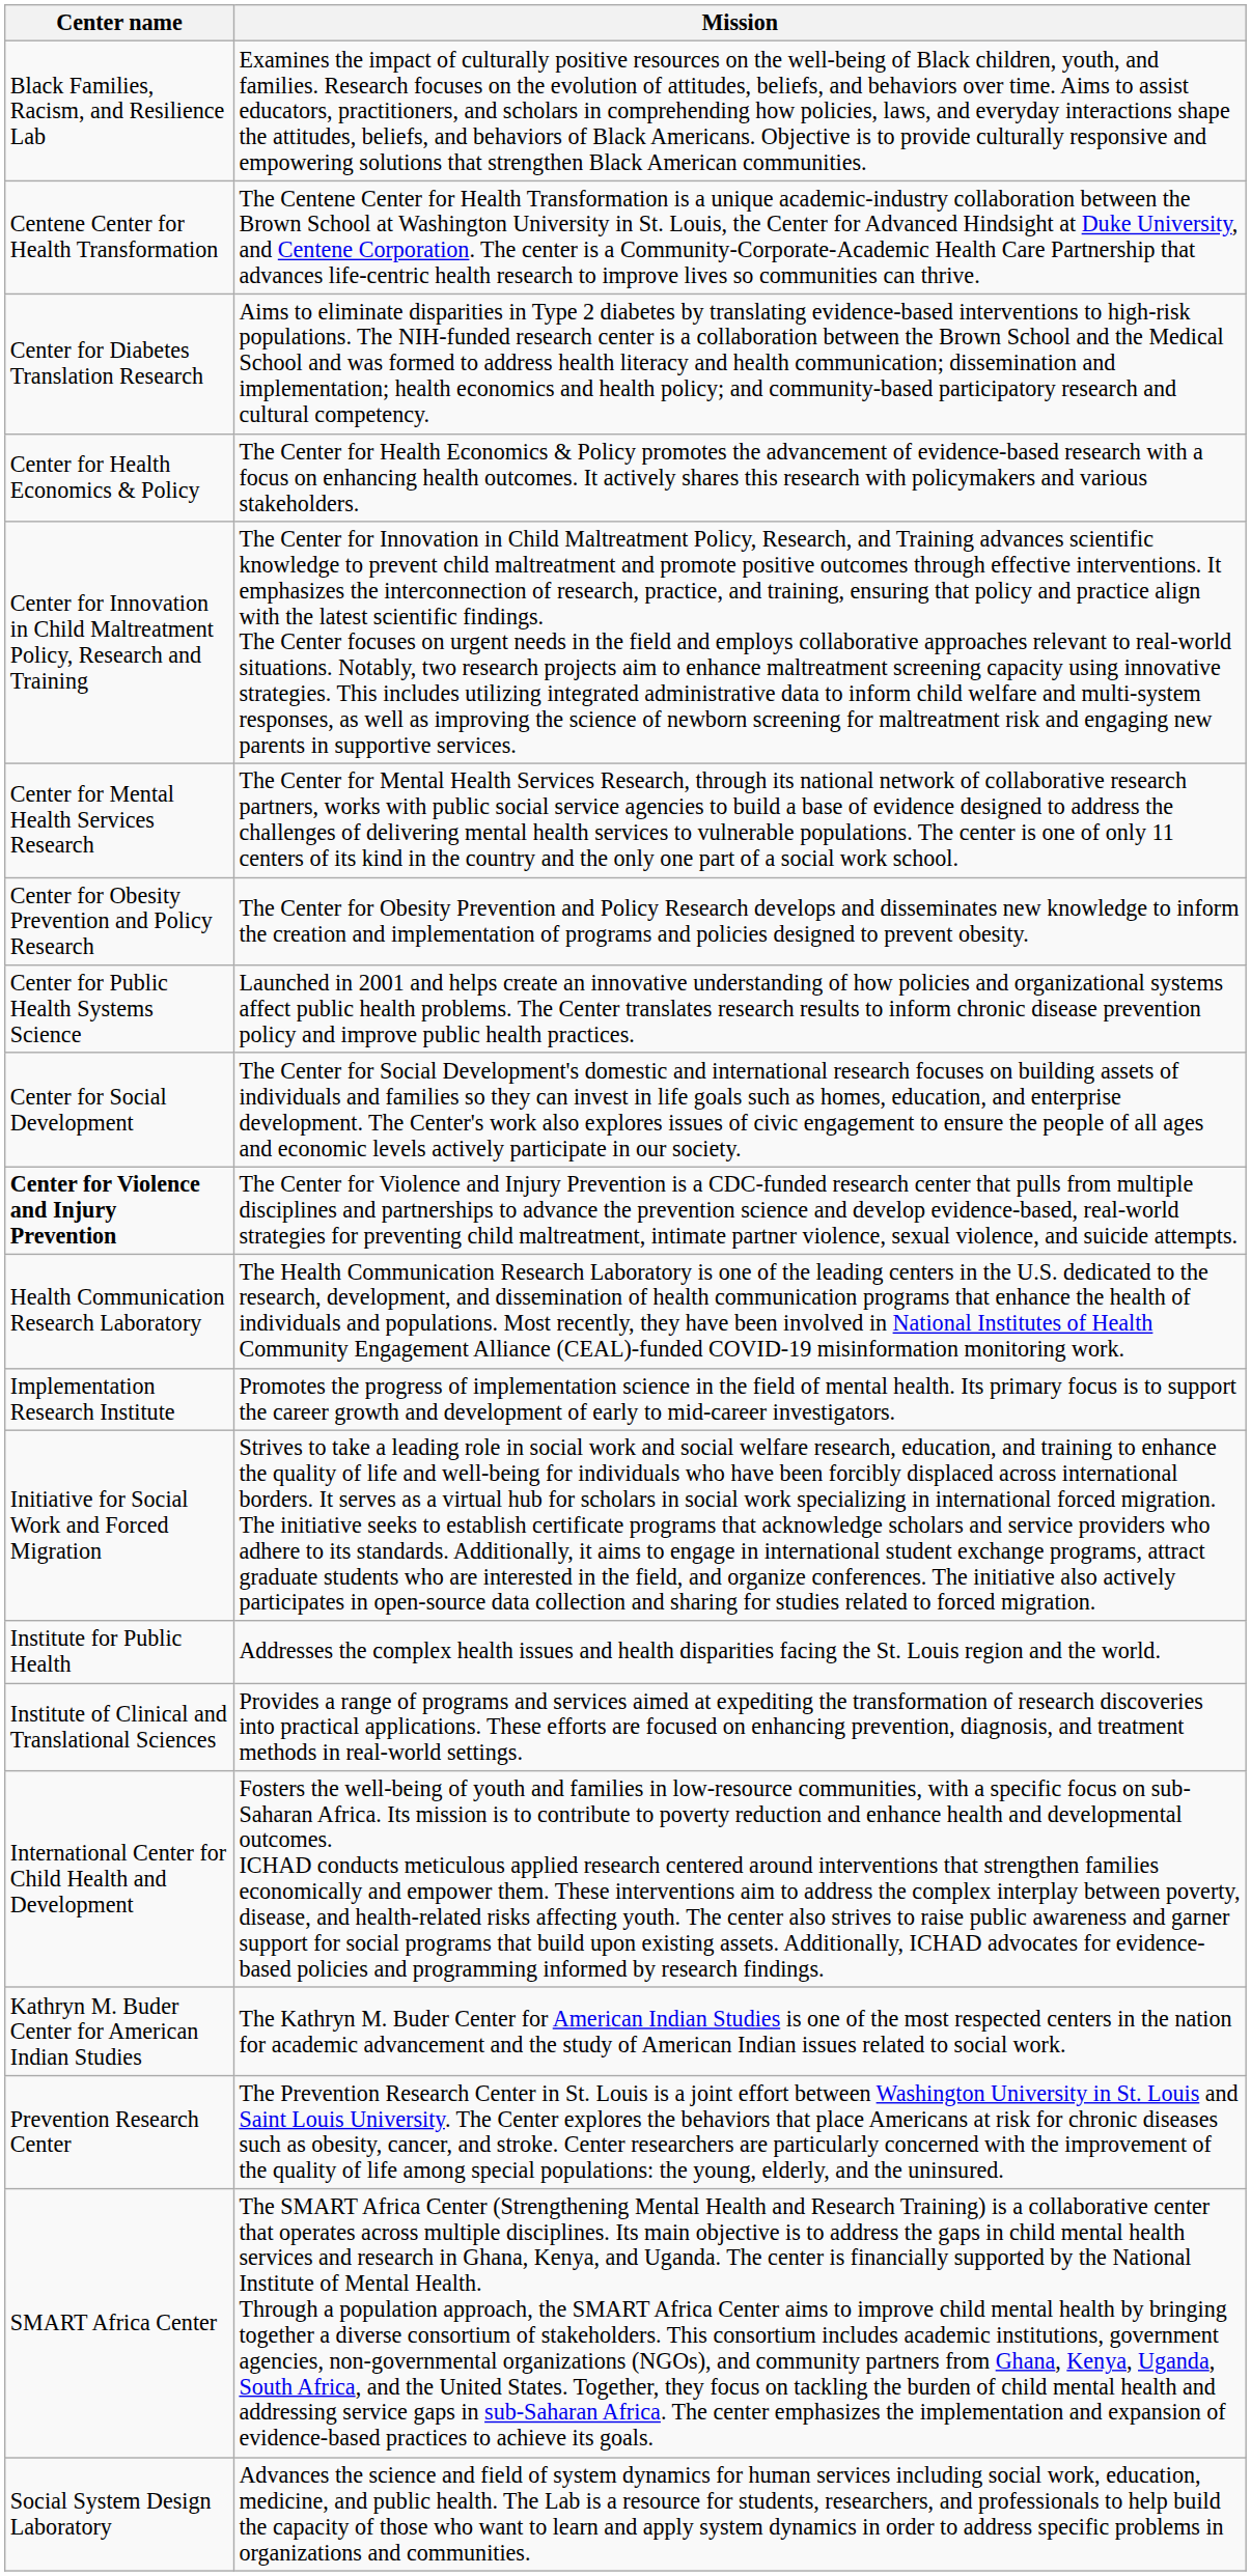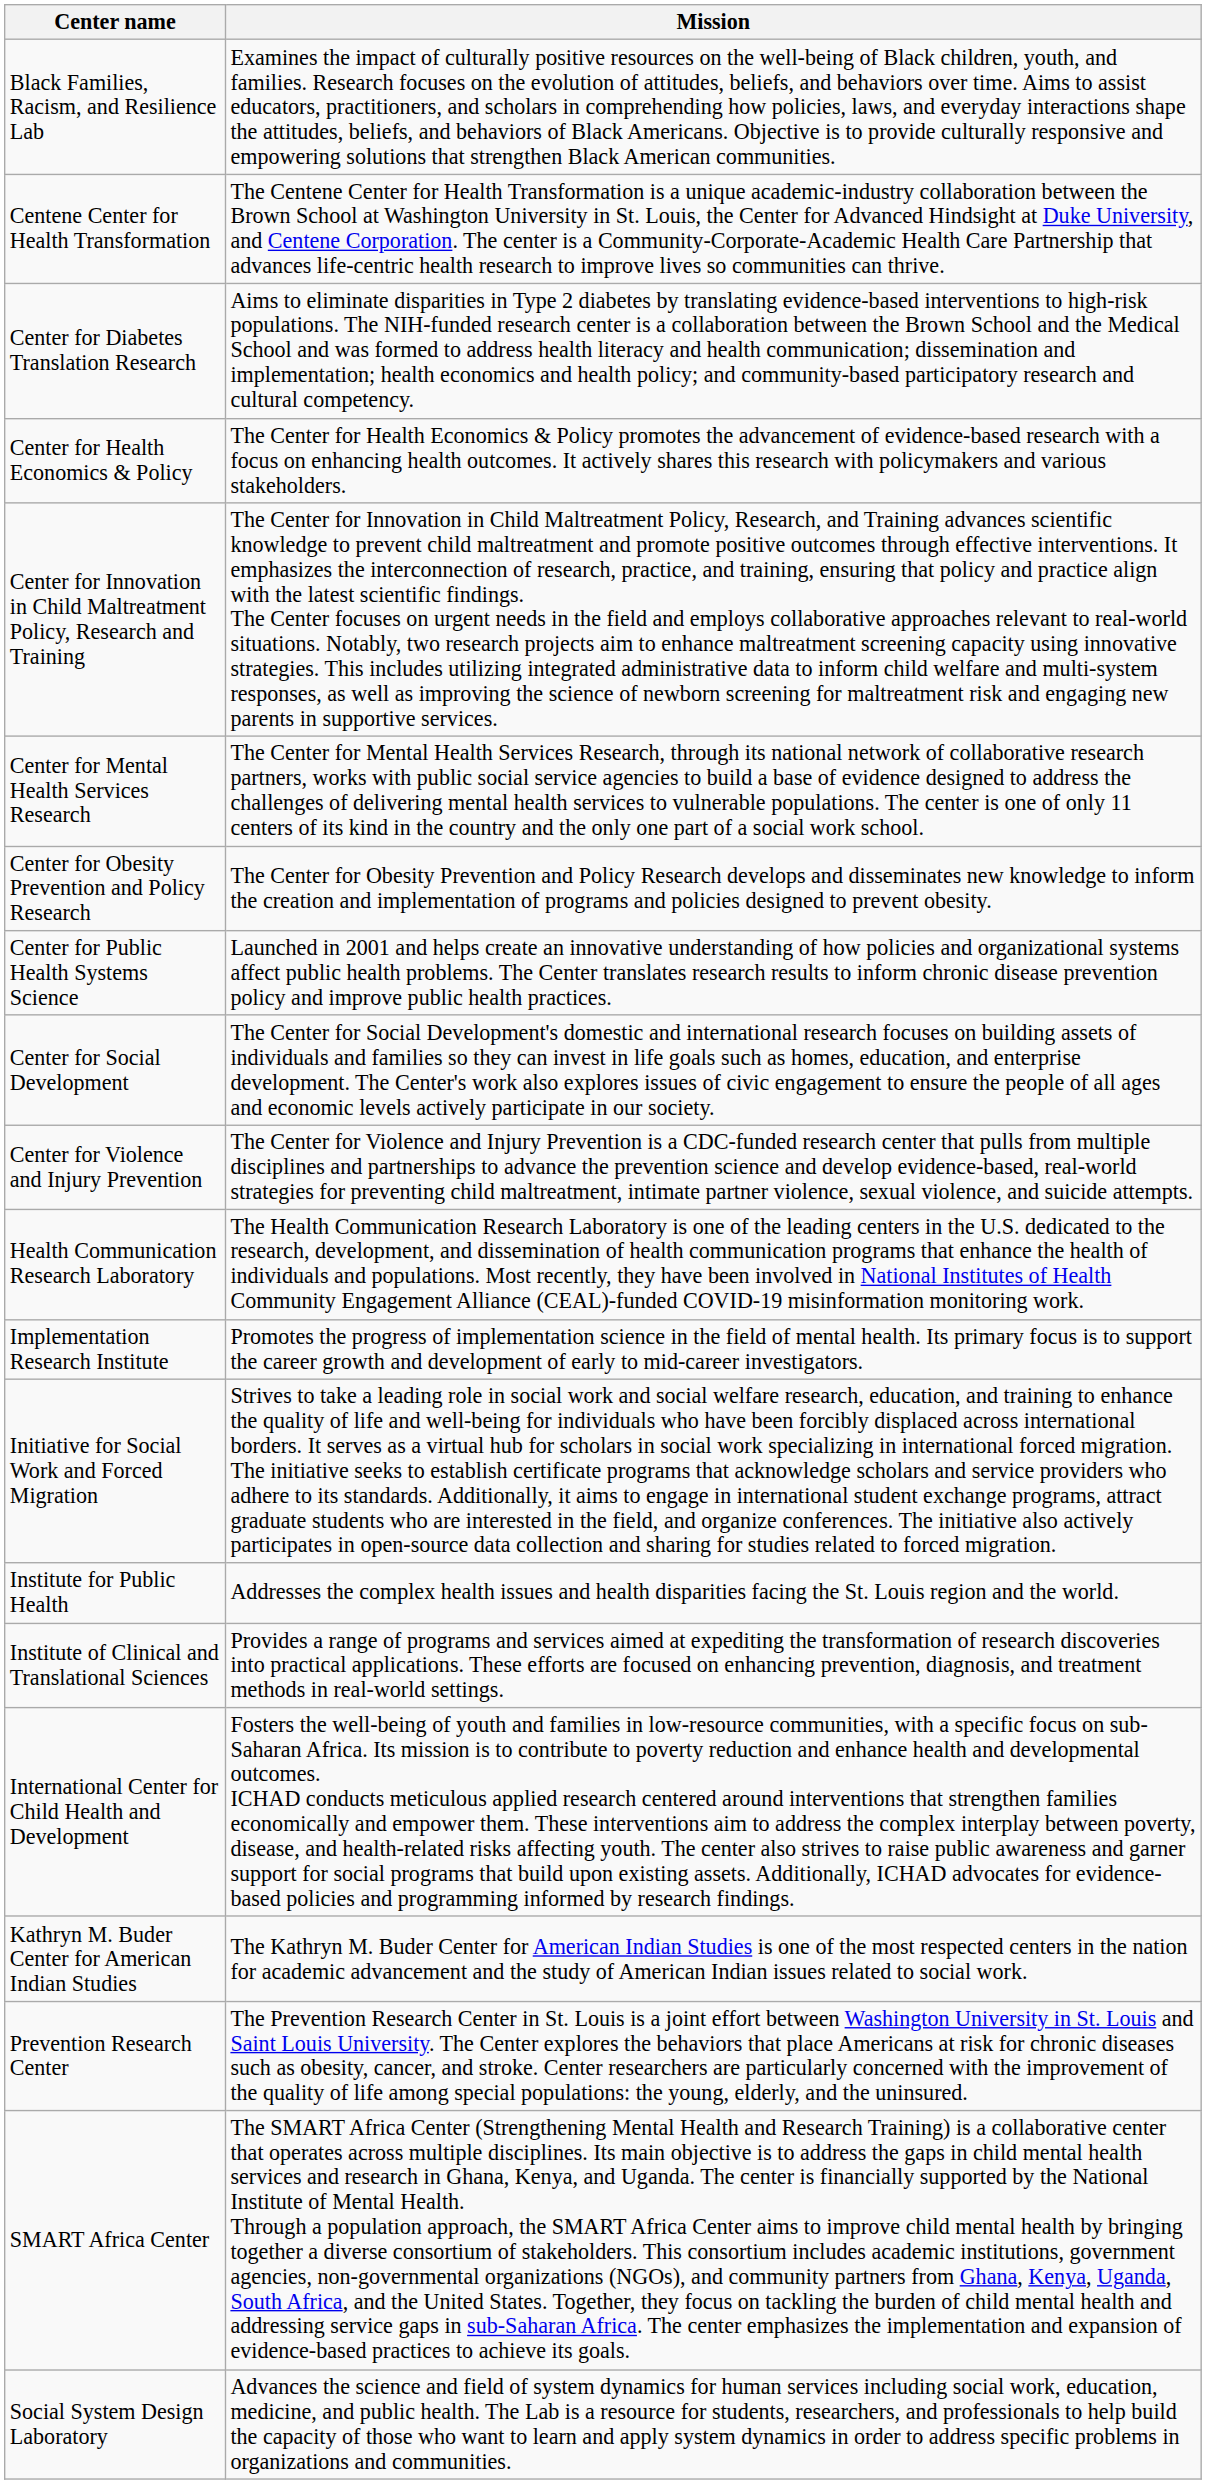 <table class="wikitable">
 <tr>
 <th>Center name</th>
 <th>Mission</th>
 </tr>
 <tr>
 <td>Black Families, Racism, and Resilience Lab</td>
 <td>Examines the impact of culturally positive resources on the well-being of Black children, youth, and families. Research focuses on the evolution of attitudes, beliefs, and behaviors over time. Aims to assist educators, practitioners, and scholars in comprehending how policies, laws, and everyday interactions shape the attitudes, beliefs, and behaviors of Black Americans. Objective is to provide culturally responsive and empowering solutions that strengthen Black American communities.</td>
 </tr>
 <tr>
 <td>Centene Center for Health Transformation</td>
 <td>The Centene Center for Health Transformation is a unique academic-industry collaboration between the Brown School at Washington University in St. Louis, the Center for Advanced Hindsight at <a href='#'>Duke University</a>, and <a href='#'>Centene Corporation</a>. The center is a Community-Corporate-Academic Health Care Partnership that advances life-centric health research to improve lives so communities can thrive.</td>
 </tr>
 <tr>
 <td>Center for Diabetes Translation Research</td>
 <td>Aims to eliminate disparities in Type 2 diabetes by translating evidence-based interventions to high-risk populations. The NIH-funded research center is a collaboration between the Brown School and the Medical School and was formed to address health literacy and health communication; dissemination and implementation; health economics and health policy; and community-based participatory research and cultural competency.</td>
 </tr>
 <tr>
 <td>Center for Health Economics & Policy</td>
 <td>The Center for Health Economics & Policy promotes the advancement of evidence-based research with a focus on enhancing health outcomes. It actively shares this research with policymakers and various stakeholders.</td>
 </tr>
 <tr>
 <td>Center for Innovation in Child Maltreatment Policy, Research and Training</td>
 <td>The Center for Innovation in Child Maltreatment Policy, Research, and Training advances scientific knowledge to prevent child maltreatment and promote positive outcomes through effective interventions. It emphasizes the interconnection of research, practice, and training, ensuring that policy and practice align with the latest scientific findings.<br>The Center focuses on urgent needs in the field and employs collaborative approaches relevant to real-world situations. Notably, two research projects aim to enhance maltreatment screening capacity using innovative strategies. This includes utilizing integrated administrative data to inform child welfare and multi-system responses, as well as improving the science of newborn screening for maltreatment risk and engaging new parents in supportive services.</td>
 </tr>
 <tr>
 <td>Center for Mental Health Services Research</td>
 <td>The Center for Mental Health Services Research, through its national network of collaborative research partners, works with public social service agencies to build a base of evidence designed to address the challenges of delivering mental health services to vulnerable populations. The center is one of only 11 centers of its kind in the country and the only one part of a social work school.</td>
 </tr>
 <tr>
 <td>Center for Obesity Prevention and Policy Research</td>
 <td>The Center for Obesity Prevention and Policy Research develops and disseminates new knowledge to inform the creation and implementation of programs and policies designed to prevent obesity.</td>
 </tr>
 <tr>
 <td>Center for Public Health Systems Science</td>
 <td>Launched in 2001 and helps create an innovative understanding of how policies and organizational systems affect public health problems. The Center translates research results to inform chronic disease prevention policy and improve public health practices.</td>
 </tr>
 <tr>
 <td>Center for Social Development</td>
 <td>The Center for Social Development's domestic and international research focuses on building assets of individuals and families so they can invest in life goals such as homes, education, and enterprise development. The Center's work also explores issues of civic engagement to ensure the people of all ages and economic levels actively participate in our society.</td>
 </tr>
 <tr>
-<td><strong>Center for Violence and Injury Prevention</strong></td>
+<td>Center for Violence and Injury Prevention</td>
 <td>The Center for Violence and Injury Prevention is a CDC-funded research center that pulls from multiple disciplines and partnerships to advance the prevention science and develop evidence-based, real-world strategies for preventing child maltreatment, intimate partner violence, sexual violence, and suicide attempts.</td>
 </tr>
 <tr>
 <td>Health Communication Research Laboratory</td>
 <td>The Health Communication Research Laboratory is one of the leading centers in the U.S. dedicated to the research, development, and dissemination of health communication programs that enhance the health of individuals and populations. Most recently, they have been involved in <a href='#'>National Institutes of Health</a> Community Engagement Alliance (CEAL)-funded COVID-19 misinformation monitoring work.</td>
 </tr>
 <tr>
 <td>Implementation Research Institute</td>
 <td>Promotes the progress of implementation science in the field of mental health. Its primary focus is to support the career growth and development of early to mid-career investigators.</td>
 </tr>
 <tr>
 <td>Initiative for Social Work and Forced Migration</td>
 <td>Strives to take a leading role in social work and social welfare research, education, and training to enhance the quality of life and well-being for individuals who have been forcibly displaced across international borders. It serves as a virtual hub for scholars in social work specializing in international forced migration. The initiative seeks to establish certificate programs that acknowledge scholars and service providers who adhere to its standards. Additionally, it aims to engage in international student exchange programs, attract graduate students who are interested in the field, and organize conferences. The initiative also actively participates in open-source data collection and sharing for studies related to forced migration.</td>
 </tr>
 <tr>
 <td>Institute for Public Health</td>
 <td>Addresses the complex health issues and health disparities facing the St. Louis region and the world.</td>
 </tr>
 <tr>
 <td>Institute of Clinical and Translational Sciences</td>
 <td>Provides a range of programs and services aimed at expediting the transformation of research discoveries into practical applications. These efforts are focused on enhancing prevention, diagnosis, and treatment methods in real-world settings.</td>
 </tr>
 <tr>
 <td>International Center for Child Health and Development</td>
 <td>Fosters the well-being of youth and families in low-resource communities, with a specific focus on sub-Saharan Africa. Its mission is to contribute to poverty reduction and enhance health and developmental outcomes.<br>ICHAD conducts meticulous applied research centered around interventions that strengthen families economically and empower them. These interventions aim to address the complex interplay between poverty, disease, and health-related risks affecting youth. The center also strives to raise public awareness and garner support for social programs that build upon existing assets. Additionally, ICHAD advocates for evidence-based policies and programming informed by research findings.</td>
 </tr>
 <tr>
 <td>Kathryn M. Buder Center for American Indian Studies</td>
 <td>The Kathryn M. Buder Center for <a href='#'>American Indian Studies</a> is one of the most respected centers in the nation for academic advancement and the study of American Indian issues related to social work.</td>
 </tr>
 <tr>
 <td>Prevention Research Center</td>
 <td>The Prevention Research Center in St. Louis is a joint effort between <a href='#'>Washington University in St. Louis</a> and <a href='#'>Saint Louis University</a>.  The Center explores the behaviors that place Americans at risk for chronic diseases such as obesity, cancer, and stroke.  Center researchers are particularly concerned with the improvement of the quality of life among special populations: the young, elderly, and the uninsured.</td>
 </tr>
 <tr>
 <td>SMART Africa Center</td>
 <td>The SMART Africa Center (Strengthening Mental Health and Research Training) is a collaborative center that operates across multiple disciplines. Its main objective is to address the gaps in child mental health services and research in Ghana, Kenya, and Uganda. The center is financially supported by the National Institute of Mental Health.<br>Through a population approach, the SMART Africa Center aims to improve child mental health by bringing together a diverse consortium of stakeholders. This consortium includes academic institutions, government agencies, non-governmental organizations (NGOs), and community partners from <a href='#'>Ghana</a>, <a href='#'>Kenya</a>, <a href='#'>Uganda</a>, <a href='#'>South Africa</a>, and the United States. Together, they focus on tackling the burden of child mental health and addressing service gaps in <a href='#'>sub-Saharan Africa</a>. The center emphasizes the implementation and expansion of evidence-based practices to achieve its goals.</td>
 </tr>
 <tr>
 <td>Social System Design Laboratory</td>
 <td>Advances the science and field of system dynamics for human services including social work, education, medicine, and public health. The Lab is a resource for students, researchers, and professionals to help build the capacity of those who want to learn and apply system dynamics in order to address specific problems in organizations and communities.</td>
 </tr>
 </table>
